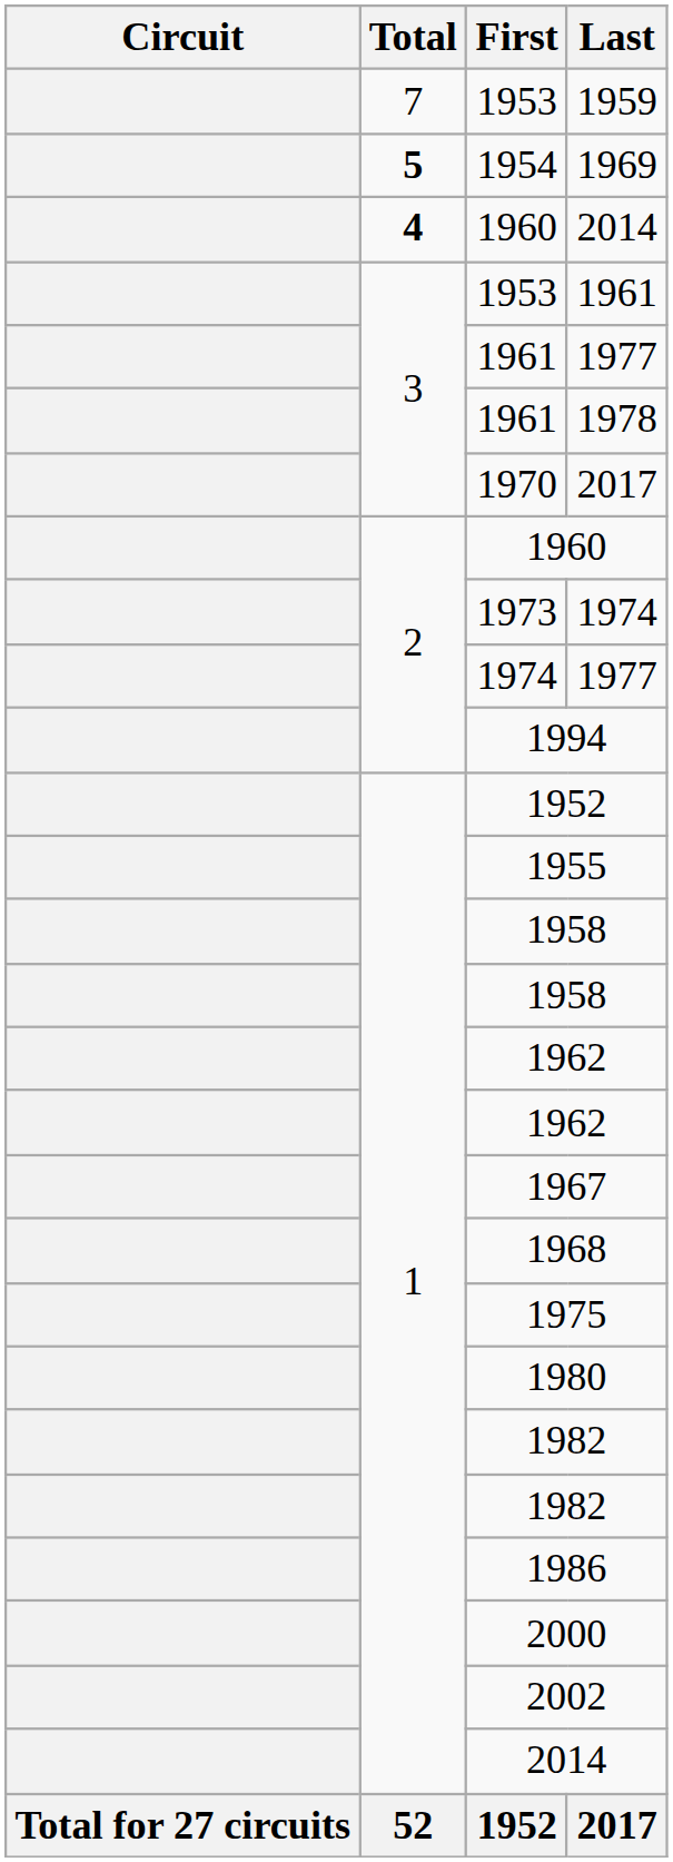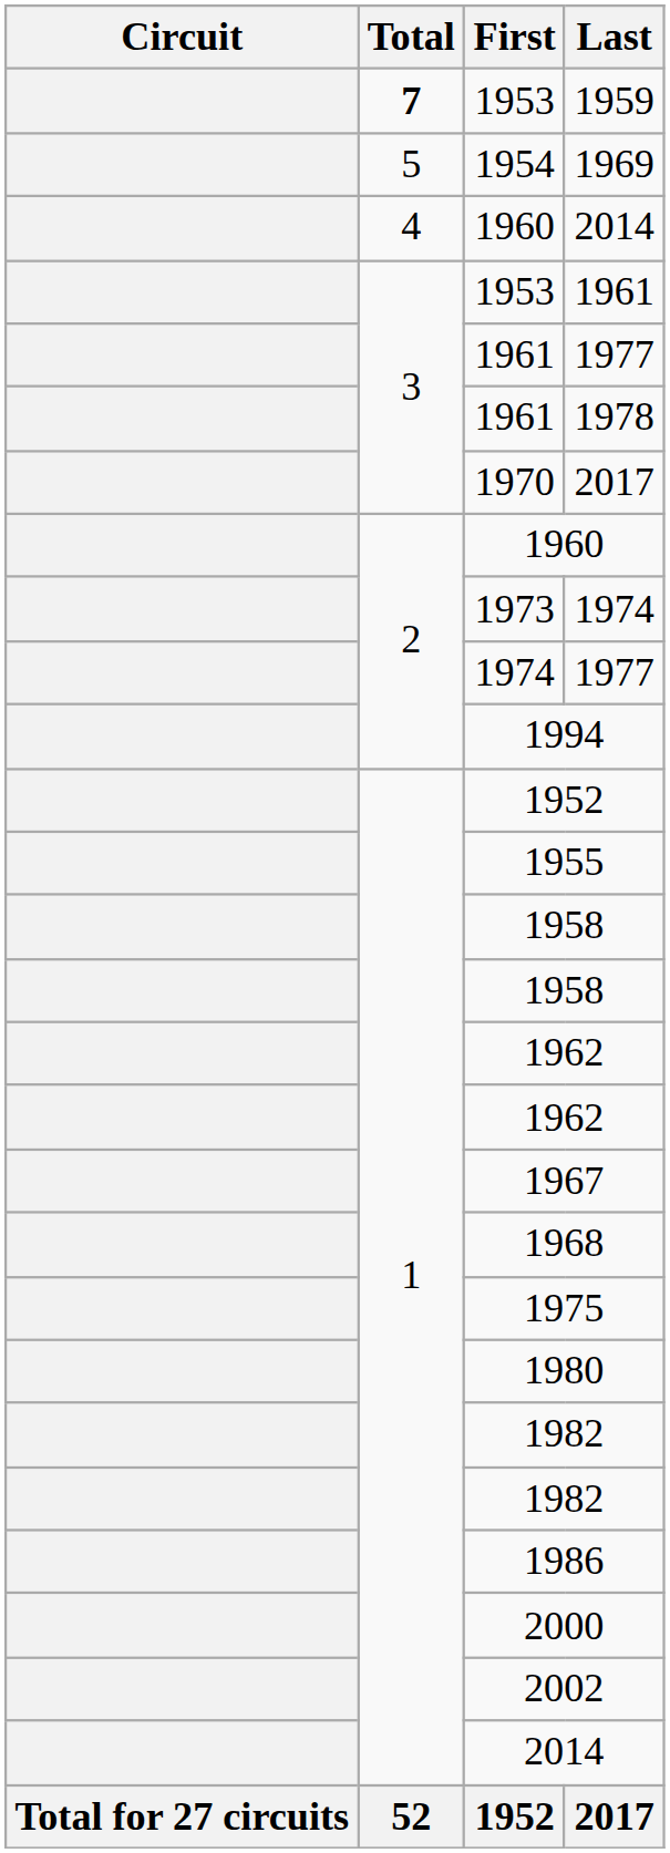 <table class="sortable plainrowheaders wikitable" style="text-align:center">
 <tr>
 <th scope=col>Circuit</th>
 <th scope=col>Total</th>
 <th scope=col>First</th>
 <th scope=col>Last</th>
 </tr>
 <tr>
 <th scope=row></th>
-<td>7</td>
+<td><strong>7</strong></td>
 <td>1953</td>
 <td>1959</td>
 </tr>
 <tr>
 <th scope=row></th>
-<td><strong>5</strong></td>
+<td>5</td>
 <td>1954</td>
 <td>1969</td>
 </tr>
 <tr>
 <th scope=row></th>
-<td><strong>4</strong></td>
+<td>4</td>
 <td>1960</td>
 <td>2014</td>
 </tr>
 <tr>
 <th scope=row></th>
 <td rowspan="4">3</td>
 <td>1953</td>
 <td>1961</td>
 </tr>
 <tr>
 <th scope=row></th>
 <td>1961</td>
 <td>1977</td>
 </tr>
 <tr>
 <th scope=row></th>
 <td>1961</td>
 <td>1978</td>
 </tr>
 <tr>
 <th scope=row></th>
 <td>1970</td>
 <td>2017</td>
 </tr>
 <tr>
 <th scope=row></th>
 <td rowspan="4">2</td>
 <td colspan="2">1960</td>
 </tr>
 <tr>
 <th scope=row></th>
 <td>1973</td>
 <td>1974</td>
 </tr>
 <tr>
 <th scope=row></th>
 <td>1974</td>
 <td>1977</td>
 </tr>
 <tr>
 <th scope=row></th>
 <td colspan="2">1994</td>
 </tr>
 <tr>
 <th scope=row></th>
 <td rowspan="16">1</td>
 <td colspan="2">1952</td>
 </tr>
 <tr>
 <th scope=row></th>
 <td colspan="2">1955</td>
 </tr>
 <tr>
 <th scope=row></th>
 <td colspan="2">1958</td>
 </tr>
 <tr>
 <th scope=row></th>
 <td colspan="2">1958</td>
 </tr>
 <tr>
 <th scope=row></th>
 <td colspan="2">1962</td>
 </tr>
 <tr>
 <th scope=row></th>
 <td colspan="2">1962</td>
 </tr>
 <tr>
 <th scope=row></th>
 <td colspan="2">1967</td>
 </tr>
 <tr>
 <th scope=row></th>
 <td colspan="2">1968</td>
 </tr>
 <tr>
 <th scope=row></th>
 <td colspan="2">1975</td>
 </tr>
 <tr>
 <th scope=row></th>
 <td colspan="2">1980</td>
 </tr>
 <tr>
 <th scope=row></th>
 <td colspan="2">1982</td>
 </tr>
 <tr>
 <th scope=row></th>
 <td colspan="2">1982</td>
 </tr>
 <tr>
 <th scope=row></th>
 <td colspan="2">1986</td>
 </tr>
 <tr>
 <th scope=row></th>
 <td colspan="2">2000</td>
 </tr>
 <tr>
 <th scope=row></th>
 <td colspan="2">2002</td>
 </tr>
 <tr>
 <th scope=row></th>
 <td colspan="2">2014</td>
 </tr>
 <tr>
 <th>Total for 27 circuits</th>
 <th>52</th>
 <th>1952</th>
 <th>2017</th>
 </tr>
 </table>
